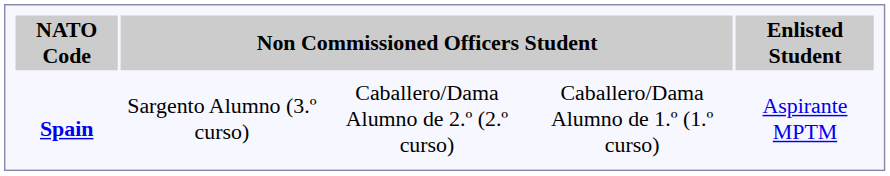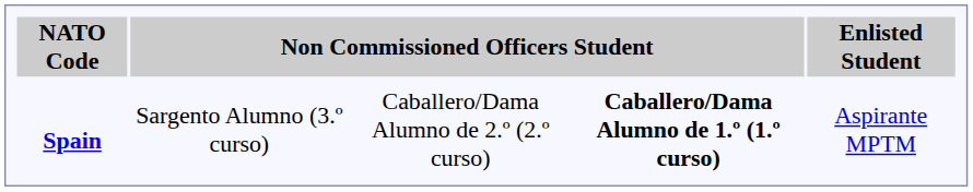 <table style="border:1px solid #8888aa; background-color:#f7f8ff; padding:5px; font-size:95%; margin: 0px 12px 12px 0px;">
 <tr bgcolor="#CCCCCC">
 <th><strong>NATO Code</strong></th>
 <th colspan=3>Non Commissioned Officers Student</th>
 <th colspan=1>Enlisted Student</th>
 </tr>
 <tr style="text-align:center;">
 <td rowspan=2><br><strong><a href='#'>Spain</a></strong></td>
 <td></td>
 <td></td>
 <td></td>
 <td></td>
 </tr>
 <tr style="text-align:center;">
 <td>Sargento Alumno (3.º curso)</td>
 <td>Caballero/Dama<br>Alumno de 2.º (2.º curso)</td>
-<td>Caballero/Dama<br>Alumno de 1.º (1.º curso)</td>
+<td><strong>Caballero/Dama<br>Alumno de 1.º (1.º curso)</strong></td>
 <td><a href='#'>Aspirante MPTM</a></td>
 </tr>
 </table>
